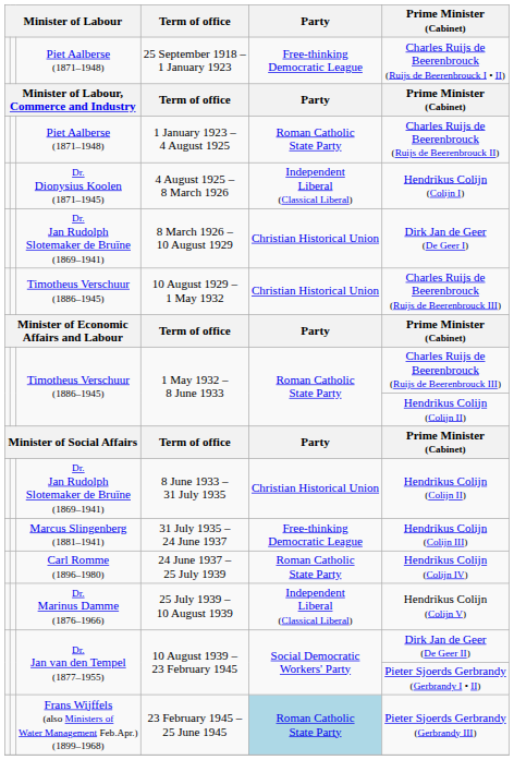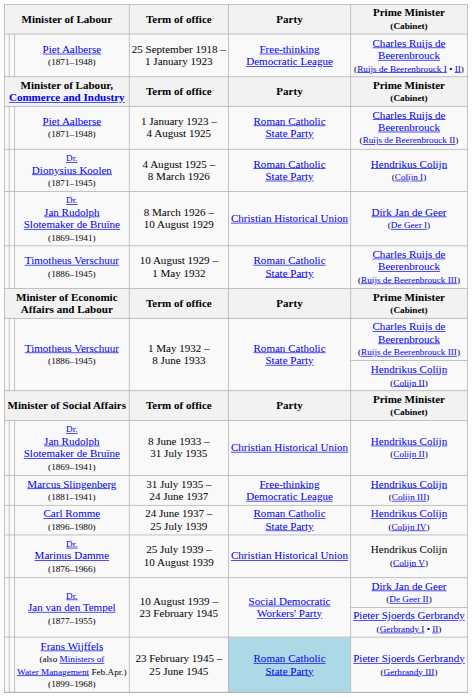 <table class="wikitable" style="text-align:center">
 <tr>
 <th colspan=3>Minister of Labour</th>
 <th>Term of office</th>
 <th>Party</th>
 <th>Prime Minister <br> <small>(Cabinet)</small></th>
 </tr>
 <tr>
 <td style="background:"></td>
 <td></td>
 <td><a href='#'>Piet Aalberse</a> <br> <small>(1871–1948)</small></td>
 <td>25 September 1918 – <br> 1 January 1923</td>
 <td><a href='#'>Free-thinking <br> Democratic League</a></td>
 <td><a href='#'>Charles Ruijs de <br> Beerenbrouck</a> <br> <small>(<a href='#'>Ruijs de Beerenbrouck I</a> • <a href='#'>II</a>)</small> <br></td>
 </tr>
 <tr>
 <th colspan=3>Minister of Labour, <br> <a href='#'>Commerce and Industry</a></th>
 <th>Term of office</th>
 <th>Party</th>
 <th>Prime Minister <br> <small>(Cabinet)</small></th>
 </tr>
 <tr>
 <td style="background:"></td>
 <td></td>
 <td><a href='#'>Piet Aalberse</a> <br> <small>(1871–1948)</small></td>
 <td>1 January 1923 – <br> 4 August 1925</td>
 <td><a href='#'>Roman Catholic <br> State Party</a></td>
 <td><a href='#'>Charles Ruijs de <br> Beerenbrouck</a> <br> <small>(<a href='#'>Ruijs de Beerenbrouck II</a>)</small> <br></td>
 </tr>
 <tr>
 <td style="background:"></td>
 <td></td>
 <td><small><a href='#'>Dr.</a></small> <br> <a href='#'>Dionysius Koolen</a> <br> <small>(1871–1945)</small></td>
 <td>4 August 1925 – <br> 8 March 1926</td>
-<td><a href='#'>Independent <br> Liberal</a> <br> <small>(<a href='#'>Classical Liberal</a>)</small></td>
+<td><a href='#'>Roman Catholic <br> State Party</a></td>
 <td><a href='#'>Hendrikus Colijn</a> <br> <small>(<a href='#'>Colijn I</a>)</small> <br></td>
 </tr>
 <tr>
 <td style="background:"></td>
 <td></td>
 <td><small><a href='#'>Dr.</a></small> <br> <a href='#'>Jan Rudolph <br> Slotemaker de Bruïne</a> <br> <small>(1869–1941)</small></td>
 <td>8 March 1926 – <br> 10 August 1929</td>
 <td><a href='#'>Christian Historical Union</a></td>
 <td><a href='#'>Dirk Jan de Geer</a> <br> <small>(<a href='#'>De Geer I</a>)</small> <br></td>
 </tr>
 <tr>
 <td style="background:"></td>
 <td></td>
 <td><a href='#'>Timotheus Verschuur</a> <br> <small>(1886–1945)</small></td>
 <td>10 August 1929 – <br> 1 May 1932</td>
-<td><a href='#'>Christian Historical Union</a></td>
+<td><a href='#'>Roman Catholic <br> State Party</a></td>
 <td><a href='#'>Charles Ruijs de <br> Beerenbrouck</a> <br> <small>(<a href='#'>Ruijs de Beerenbrouck III</a>)</small> <br></td>
 </tr>
 <tr>
 <th colspan=3>Minister of Economic <br> Affairs and Labour</th>
 <th>Term of office</th>
 <th>Party</th>
 <th>Prime Minister <br> <small>(Cabinet)</small></th>
 </tr>
 <tr>
 <td rowspan=2 style="background:"></td>
 <td rowspan=2></td>
 <td rowspan=2><a href='#'>Timotheus Verschuur</a> <br> <small>(1886–1945)</small></td>
 <td rowspan=2>1 May 1932 – <br> 8 June 1933</td>
 <td rowspan=2><a href='#'>Roman Catholic <br> State Party</a></td>
 <td><a href='#'>Charles Ruijs de <br> Beerenbrouck</a> <br> <small>(<a href='#'>Ruijs de Beerenbrouck III</a>)</small> <br></td>
 </tr>
 <tr>
 <td><a href='#'>Hendrikus Colijn</a> <br> <small>(<a href='#'>Colijn II</a>)</small> <br></td>
 </tr>
 <tr>
 <th colspan=3>Minister of Social Affairs</th>
 <th>Term of office</th>
 <th>Party</th>
 <th>Prime Minister <br> <small>(Cabinet)</small></th>
 </tr>
 <tr>
 <td style="background:"></td>
 <td></td>
 <td><small><a href='#'>Dr.</a></small> <br> <a href='#'>Jan Rudolph <br> Slotemaker de Bruïne</a> <br> <small>(1869–1941)</small></td>
 <td>8 June 1933 – <br> 31 July 1935</td>
 <td><a href='#'>Christian Historical Union</a></td>
 <td><a href='#'>Hendrikus Colijn</a> <br> <small>(<a href='#'>Colijn II</a>)</small> <br></td>
 </tr>
 <tr>
 <td style="background:"></td>
 <td></td>
 <td><a href='#'>Marcus Slingenberg</a> <br> <small>(1881–1941)</small></td>
 <td>31 July 1935 – <br> 24 June 1937</td>
 <td><a href='#'>Free-thinking <br> Democratic League</a></td>
 <td><a href='#'>Hendrikus Colijn</a> <br> <small>(<a href='#'>Colijn III</a>)</small> <br></td>
 </tr>
 <tr>
 <td style="background:"></td>
 <td></td>
 <td><a href='#'>Carl Romme</a> <br> <small>(1896–1980)</small></td>
 <td>24 June 1937 – <br> 25 July 1939</td>
 <td><a href='#'>Roman Catholic <br> State Party</a></td>
 <td><a href='#'>Hendrikus Colijn</a> <br> <small>(<a href='#'>Colijn IV</a>)</small> <br></td>
 </tr>
 <tr>
 <td style="background:"></td>
 <td></td>
 <td><small><a href='#'>Dr.</a></small> <br> <a href='#'>Marinus Damme</a> <br> <small>(1876–1966)</small></td>
 <td>25 July 1939 – <br> 10 August 1939</td>
-<td><a href='#'>Independent <br> Liberal</a> <br> <small>(<a href='#'>Classical Liberal</a>)</small></td>
+<td><a href='#'>Christian Historical Union</a></td>
 <td>Hendrikus Colijn <br> <small>(<a href='#'>Colijn V</a>)</small> <br></td>
 </tr>
 <tr>
 <td rowspan=2 style="background:"></td>
 <td rowspan=2></td>
 <td rowspan=2><small><a href='#'>Dr.</a></small> <br> <a href='#'>Jan van den Tempel</a> <br> <small>(1877–1955)</small></td>
 <td rowspan=2>10 August 1939 – <br> 23 February 1945</td>
 <td rowspan=2><a href='#'>Social Democratic <br> Workers' Party</a></td>
 <td><a href='#'>Dirk Jan de Geer</a> <br> <small>(<a href='#'>De Geer II</a>)</small> <br></td>
 </tr>
 <tr>
 <td><a href='#'>Pieter Sjoerds Gerbrandy</a> <br> <small>(<a href='#'>Gerbrandy I</a> • <a href='#'>II</a>)</small> <br></td>
 </tr>
 <tr>
 <td style="background:"></td>
 <td></td>
 <td><a href='#'>Frans Wijffels</a> <br> <small>(also <a href='#'>Ministers of <br> Water Management</a> Feb.Apr.)</small> <br> <small>(1899–1968)</small></td>
 <td>23 February 1945 – <br> 25 June 1945</td>
 <td style="background: lightblue;"><a href='#'>Roman Catholic <br> State Party</a></td>
 <td><a href='#'>Pieter Sjoerds Gerbrandy</a> <br> <small>(<a href='#'>Gerbrandy III</a>)</small> <br></td>
 </tr>
 <tr>
 </tr>
 </table>
